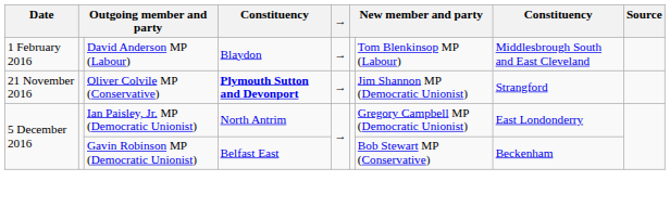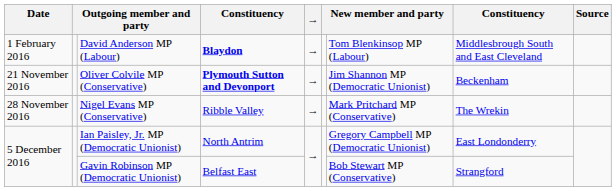 <table class="wikitable">
 <tr>
 <th valign="top">Date</th>
 <th colspan="2" valign="top">Outgoing member and party</th>
 <th valign="top">Constituency</th>
 <th>→</th>
 <th colspan="2" valign="top">New member and party</th>
 <th valign="top">Constituency</th>
 <th valign="top">Source</th>
 </tr>
 <tr>
 <td>1 February 2016</td>
 <td style="color:inherit;background:"></td>
 <td><a href='#'>David Anderson</a> MP (<a href='#'>Labour</a>)</td>
-<td><a href='#'>Blaydon</a></td>
+<td><strong><a href='#'>Blaydon</a></strong></td>
 <td>→</td>
 <td style="color:inherit;background:"></td>
 <td><a href='#'>Tom Blenkinsop</a> MP (<a href='#'>Labour</a>)</td>
 <td><a href='#'>Middlesbrough South and East Cleveland</a></td>
 <td></td>
 </tr>
 <tr>
 <td>21 November 2016</td>
 <td style="color:inherit;background:"></td>
 <td><a href='#'>Oliver Colvile</a> MP (<a href='#'>Conservative</a>)</td>
 <td><strong><a href='#'>Plymouth Sutton and Devonport</a></strong></td>
 <td>→</td>
 <td style="color:inherit;background:"></td>
 <td><a href='#'>Jim Shannon</a> MP (<a href='#'>Democratic Unionist</a>)</td>
-<td><a href='#'>Strangford</a></td>
+<td><a href='#'>Beckenham</a></td>
+<td></td>
+</tr>
+<tr>
+<td>28 November 2016</td>
+<td style="color:inherit;background:"></td>
+<td><a href='#'>Nigel Evans</a> MP (<a href='#'>Conservative</a>)</td>
+<td><a href='#'>Ribble Valley</a></td>
+<td>→</td>
+<td style="color:inherit;background:"></td>
+<td><a href='#'>Mark Pritchard</a> MP (<a href='#'>Conservative</a>)</td>
+<td><a href='#'>The Wrekin</a></td>
 <td></td>
 </tr>
 <tr>
 <td rowspan=2>5 December 2016</td>
 <td rowspan=2 style="color:inherit;background:"></td>
 <td><a href='#'>Ian Paisley, Jr.</a> MP (<a href='#'>Democratic Unionist</a>)</td>
 <td><a href='#'>North Antrim</a></td>
 <td rowspan=2>→</td>
 <td rowspan=2 style="color:inherit;background:"></td>
 <td><a href='#'>Gregory Campbell</a> MP (<a href='#'>Democratic Unionist</a>)</td>
 <td><a href='#'>East Londonderry</a></td>
 <td rowspan=2></td>
 </tr>
 <tr>
 <td><a href='#'>Gavin Robinson</a> MP (<a href='#'>Democratic Unionist</a>)</td>
 <td><a href='#'>Belfast East</a></td>
 <td><a href='#'>Bob Stewart</a> MP (<a href='#'>Conservative</a>)</td>
-<td><a href='#'>Beckenham</a></td>
+<td><a href='#'>Strangford</a></td>
 </tr>
 </table>
